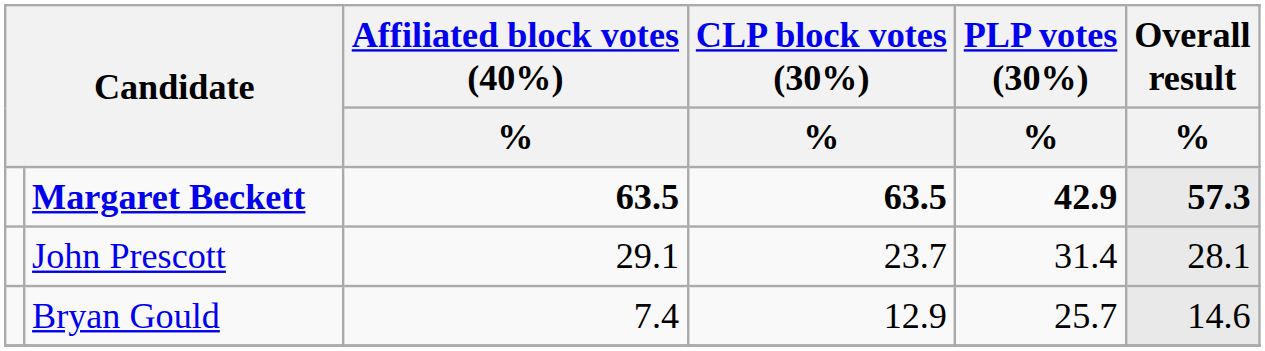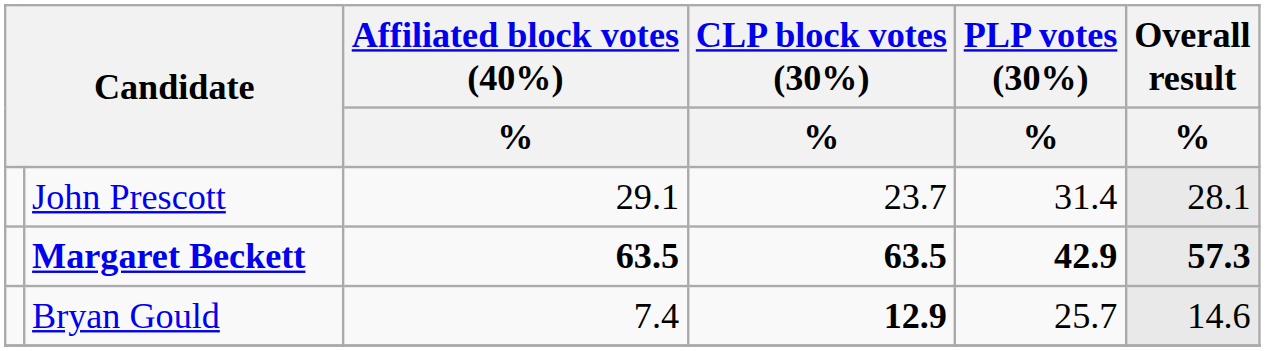 <table class=wikitable style="font-size:95%;">
 <tr>
 <th colspan="2" scope="col" rowspan="2" width="135">Candidate</th>
 <th scope="col" colspan="1"><a href='#'>Affiliated block votes</a> <br> (40%)</th>
 <th scope="col" colspan="1"><a href='#'>CLP block votes</a> <br> (30%)</th>
 <th scope="col" colspan="1"><a href='#'>PLP votes</a> <br> (30%)</th>
 <th scope="col" colspan="1">Overall<br>result</th>
 </tr>
 <tr>
 <th>%</th>
 <th>%</th>
 <th>%</th>
 <th>%</th>
 </tr>
 <tr align="right">
 <td style="background-color: "></td>
+<td scope="row" align="left"><a href='#'>John Prescott</a></td>
+<td>29.1</td>
+<td>23.7</td>
+<td>31.4</td>
+<td style="background:#e9e9e9;">28.1</td>
+</tr>
+<tr align="right">
+<td style="background-color: "></td>
 <td scope="row" align="left"><strong><a href='#'>Margaret Beckett</a></strong> </td>
 <td><strong>63.5</strong></td>
 <td><strong>63.5</strong></td>
 <td><strong>42.9</strong></td>
 <td style="background:#e9e9e9;"><strong>57.3</strong></td>
 </tr>
 <tr align="right">
 <td style="background-color: "></td>
-<td scope="row" align="left"><a href='#'>John Prescott</a></td>
-<td>29.1</td>
-<td>23.7</td>
-<td>31.4</td>
-<td style="background:#e9e9e9;">28.1</td>
-</tr>
-<tr align="right">
-<td style="background-color: "></td>
 <td scope="row" align="left"><a href='#'>Bryan Gould</a></td>
 <td>7.4</td>
-<td>12.9</td>
+<td><strong>12.9</strong></td>
 <td>25.7</td>
 <td style="background:#e9e9e9;">14.6</td>
 </tr>
 <tr>
 </tr>
 </table>
